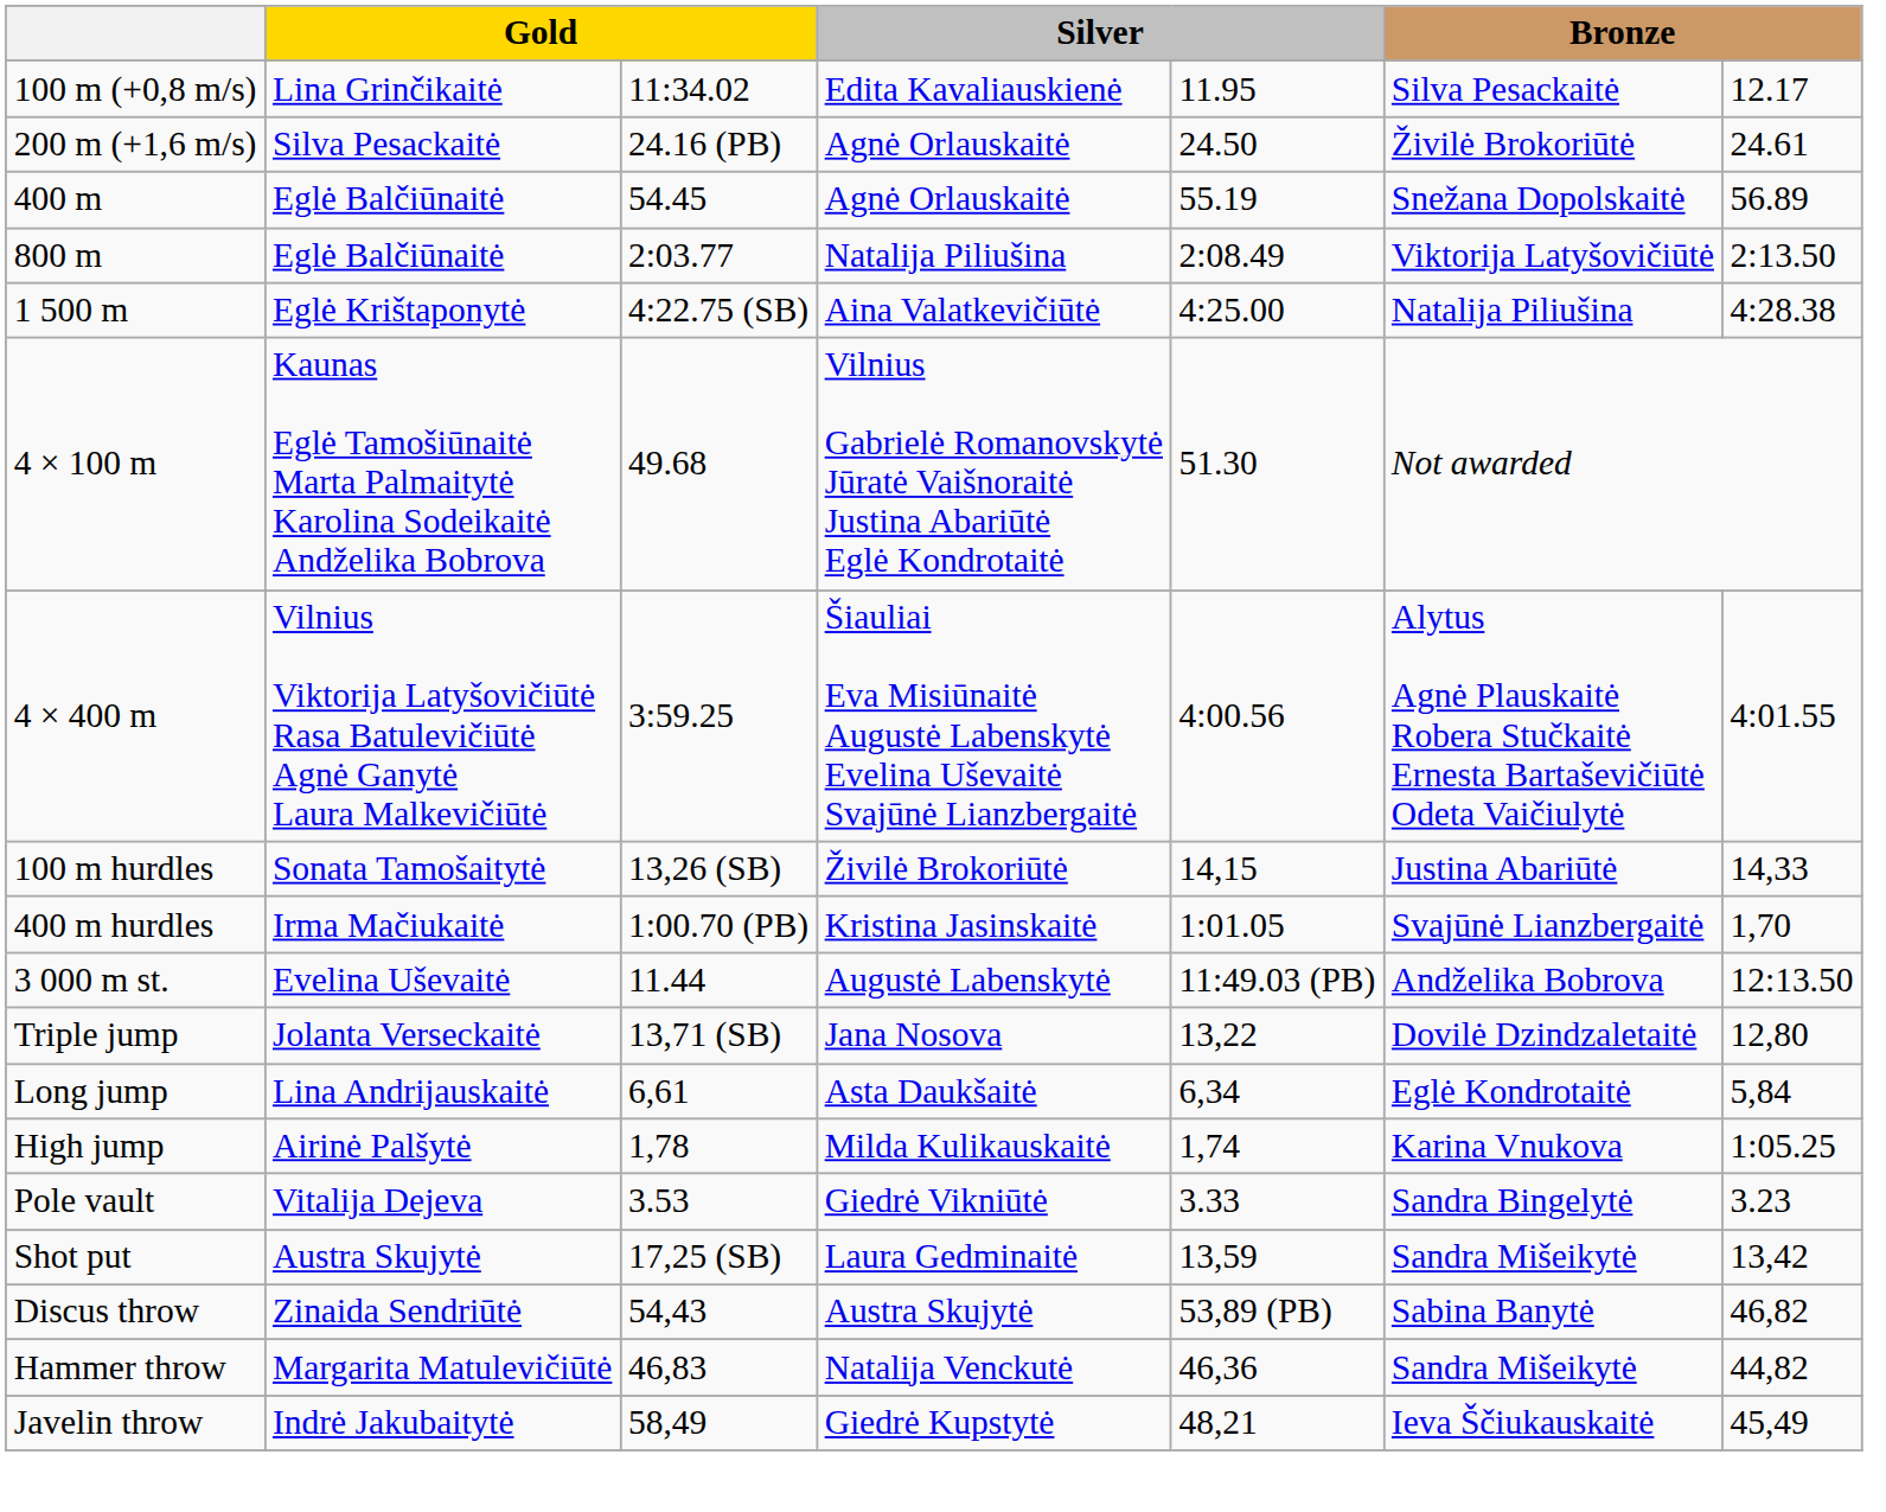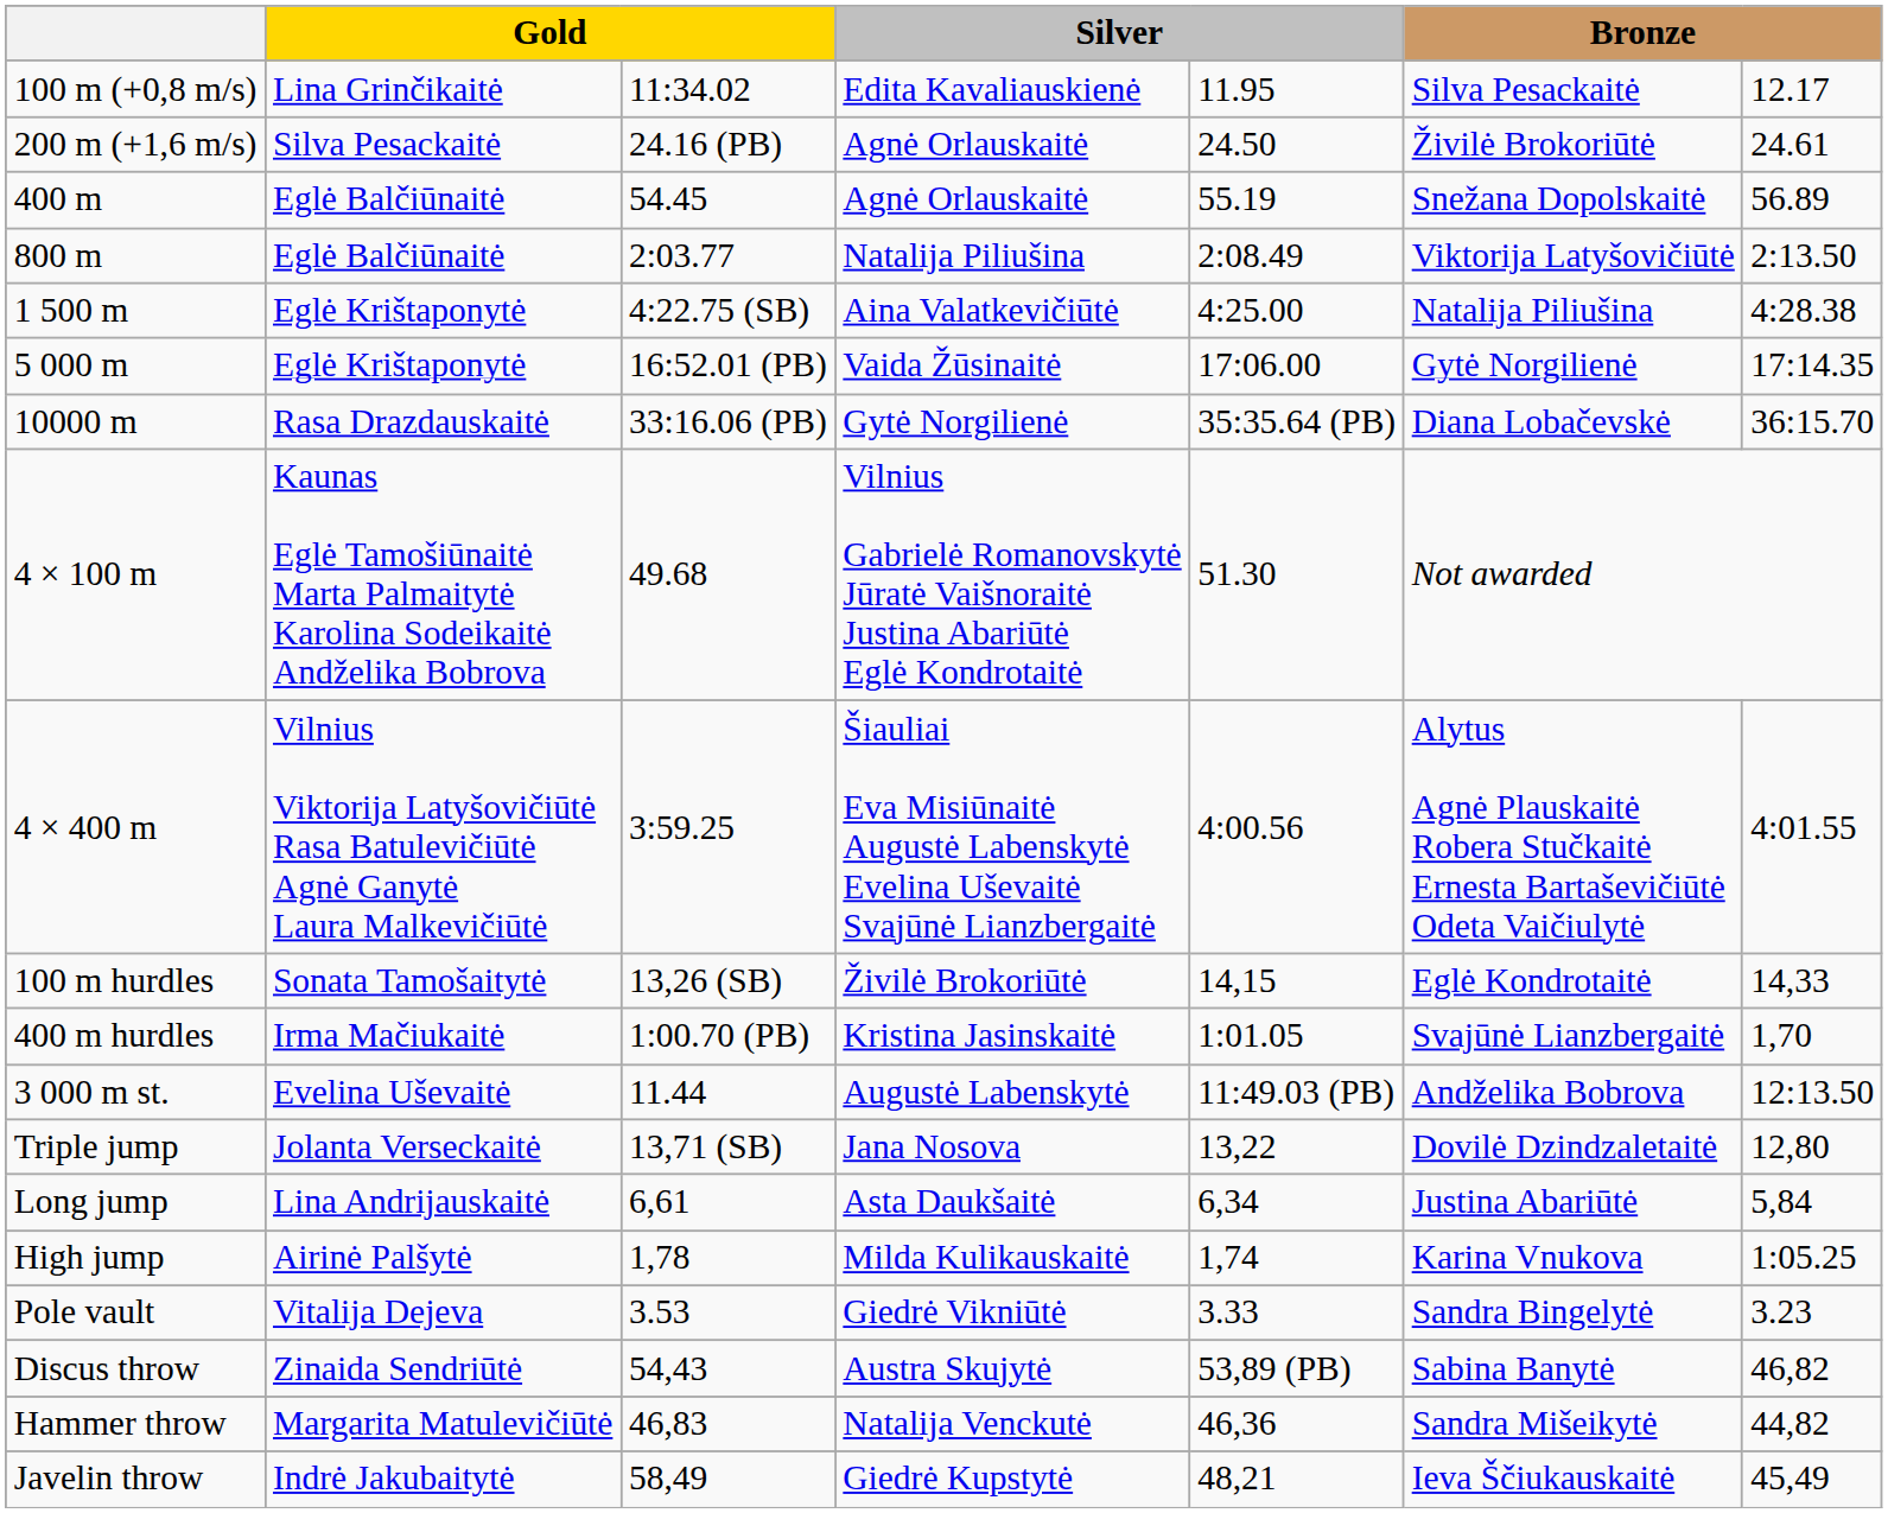 <table class="wikitable">
 <tr>
 <th></th>
 <th style="background:gold;" colspan=2>Gold</th>
 <th style="background:silver;" colspan=2>Silver</th>
 <th style="background:#CC9966;" colspan=2>Bronze</th>
 </tr>
 <tr>
 <td>100 m (+0,8 m/s)</td>
 <td><a href='#'>Lina Grinčikaitė</a></td>
 <td>11:34.02</td>
 <td><a href='#'>Edita Kavaliauskienė</a></td>
 <td>11.95</td>
 <td><a href='#'>Silva Pesackaitė</a></td>
 <td>12.17</td>
 </tr>
 <tr>
 <td>200 m (+1,6 m/s)</td>
 <td><a href='#'>Silva Pesackaitė</a></td>
 <td>24.16 (PB)</td>
 <td><a href='#'>Agnė Orlauskaitė</a></td>
 <td>24.50</td>
 <td><a href='#'>Živilė Brokoriūtė</a></td>
 <td>24.61</td>
 </tr>
 <tr>
 <td>400 m</td>
 <td><a href='#'>Eglė Balčiūnaitė</a></td>
 <td>54.45</td>
 <td><a href='#'>Agnė Orlauskaitė</a></td>
 <td>55.19</td>
 <td><a href='#'>Snežana Dopolskaitė</a></td>
 <td>56.89</td>
 </tr>
 <tr>
 <td>800 m</td>
 <td><a href='#'>Eglė Balčiūnaitė</a></td>
 <td>2:03.77</td>
 <td><a href='#'>Natalija Piliušina</a></td>
 <td>2:08.49</td>
 <td><a href='#'>Viktorija Latyšovičiūtė</a></td>
 <td>2:13.50</td>
 </tr>
 <tr>
 <td>1 500 m</td>
 <td><a href='#'>Eglė Krištaponytė</a></td>
 <td>4:22.75 (SB)</td>
 <td><a href='#'>Aina Valatkevičiūtė</a></td>
 <td>4:25.00</td>
 <td><a href='#'>Natalija Piliušina</a></td>
 <td>4:28.38</td>
 </tr>
 <tr>
+<td>5 000 m</td>
+<td><a href='#'>Eglė Krištaponytė</a></td>
+<td>16:52.01 (PB)</td>
+<td><a href='#'>Vaida Žūsinaitė</a></td>
+<td>17:06.00</td>
+<td><a href='#'>Gytė Norgilienė</a></td>
+<td>17:14.35</td>
+</tr>
+<tr>
+<td>10000 m</td>
+<td><a href='#'>Rasa Drazdauskaitė</a></td>
+<td>33:16.06 (PB)</td>
+<td><a href='#'>Gytė Norgilienė</a></td>
+<td>35:35.64 (PB)</td>
+<td><a href='#'>Diana Lobačevskė</a></td>
+<td>36:15.70</td>
+</tr>
+<tr>
 <td>4 × 100 m</td>
 <td><a href='#'>Kaunas</a> <br><br><a href='#'>Eglė Tamošiūnaitė</a> <br> <a href='#'>Marta Palmaitytė</a> <br> <a href='#'>Karolina Sodeikaitė</a> <br> <a href='#'>Andželika Bobrova</a></td>
 <td>49.68</td>
 <td><a href='#'>Vilnius</a> <br><br><a href='#'>Gabrielė Romanovskytė</a> <br> <a href='#'>Jūratė Vaišnoraitė</a> <br> <a href='#'>Justina Abariūtė</a> <br> <a href='#'>Eglė Kondrotaitė</a></td>
 <td>51.30</td>
 <td colspan=2><em>Not awarded</em></td>
 </tr>
 <tr>
 <td>4 × 400 m</td>
 <td><a href='#'>Vilnius</a> <br><br><a href='#'>Viktorija Latyšovičiūtė</a> <br> <a href='#'>Rasa Batulevičiūtė</a> <br> <a href='#'>Agnė Ganytė</a> <br> <a href='#'>Laura Malkevičiūtė</a> <br></td>
 <td>3:59.25</td>
 <td><a href='#'>Šiauliai</a> <br><br><a href='#'>Eva Misiūnaitė</a> <br> <a href='#'>Augustė Labenskytė</a> <br> <a href='#'>Evelina Uševaitė</a> <br> <a href='#'>Svajūnė Lianzbergaitė</a></td>
 <td>4:00.56</td>
 <td><a href='#'>Alytus</a> <br><br><a href='#'>Agnė Plauskaitė</a> <br> <a href='#'>Robera Stučkaitė</a> <br> <a href='#'>Ernesta Bartaševičiūtė</a> <br> <a href='#'>Odeta Vaičiulytė</a></td>
 <td>4:01.55</td>
 </tr>
 <tr>
 <td>100 m hurdles</td>
 <td><a href='#'>Sonata Tamošaitytė</a></td>
 <td>13,26 (SB)</td>
 <td><a href='#'>Živilė Brokoriūtė</a></td>
 <td>14,15</td>
-<td><a href='#'>Justina Abariūtė</a></td>
+<td><a href='#'>Eglė Kondrotaitė</a></td>
 <td>14,33</td>
 </tr>
 <tr>
 <td>400 m hurdles</td>
 <td><a href='#'>Irma Mačiukaitė</a></td>
 <td>1:00.70 (PB)</td>
 <td><a href='#'>Kristina Jasinskaitė</a></td>
 <td>1:01.05</td>
 <td><a href='#'>Svajūnė Lianzbergaitė</a></td>
 <td>1,70</td>
 </tr>
 <tr>
 <td>3 000 m st.</td>
 <td><a href='#'>Evelina Uševaitė</a></td>
 <td>11.44</td>
 <td><a href='#'>Augustė Labenskytė</a></td>
 <td>11:49.03 (PB)</td>
 <td><a href='#'>Andželika Bobrova</a></td>
 <td>12:13.50</td>
 </tr>
 <tr>
 <td>Triple jump</td>
 <td><a href='#'>Jolanta Verseckaitė</a></td>
 <td>13,71 (SB)</td>
 <td><a href='#'>Jana Nosova</a></td>
 <td>13,22</td>
 <td><a href='#'>Dovilė Dzindzaletaitė</a></td>
 <td>12,80</td>
 </tr>
 <tr>
 <td>Long jump</td>
 <td><a href='#'>Lina Andrijauskaitė</a></td>
 <td>6,61</td>
 <td><a href='#'>Asta Daukšaitė</a></td>
 <td>6,34</td>
-<td><a href='#'>Eglė Kondrotaitė</a></td>
+<td><a href='#'>Justina Abariūtė</a></td>
 <td>5,84</td>
 </tr>
 <tr>
 <td>High jump</td>
 <td><a href='#'>Airinė Palšytė</a></td>
 <td>1,78</td>
 <td><a href='#'>Milda Kulikauskaitė</a></td>
 <td>1,74</td>
 <td><a href='#'>Karina Vnukova</a></td>
 <td>1:05.25</td>
 </tr>
 <tr>
 <td>Pole vault</td>
 <td><a href='#'>Vitalija Dejeva</a></td>
 <td>3.53</td>
 <td><a href='#'>Giedrė Vikniūtė</a></td>
 <td>3.33</td>
 <td><a href='#'>Sandra Bingelytė</a></td>
 <td>3.23</td>
-</tr>
-<tr>
-<td>Shot put</td>
-<td><a href='#'>Austra Skujytė</a></td>
-<td>17,25 (SB)</td>
-<td><a href='#'>Laura Gedminaitė</a></td>
-<td>13,59</td>
-<td><a href='#'>Sandra Mišeikytė</a></td>
-<td>13,42</td>
 </tr>
 <tr>
 <td>Discus throw</td>
 <td><a href='#'>Zinaida Sendriūtė</a></td>
 <td>54,43</td>
 <td><a href='#'>Austra Skujytė</a></td>
 <td>53,89 (PB)</td>
 <td><a href='#'>Sabina Banytė</a></td>
 <td>46,82</td>
 </tr>
 <tr>
 <td>Hammer throw</td>
 <td><a href='#'>Margarita Matulevičiūtė</a></td>
 <td>46,83</td>
 <td><a href='#'>Natalija Venckutė</a></td>
 <td>46,36</td>
 <td><a href='#'>Sandra Mišeikytė</a></td>
 <td>44,82</td>
 </tr>
 <tr>
 <td>Javelin throw</td>
 <td><a href='#'>Indrė Jakubaitytė</a></td>
 <td>58,49</td>
 <td><a href='#'>Giedrė Kupstytė</a></td>
 <td>48,21</td>
 <td><a href='#'>Ieva Ščiukauskaitė</a></td>
 <td>45,49</td>
 </tr>
 </table>
